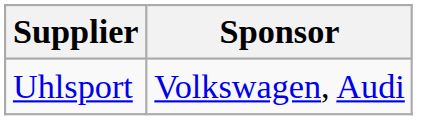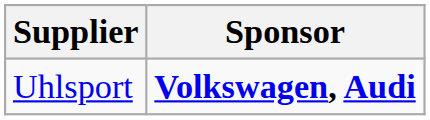 <table class="wikitable">
 <tr>
 <th>Supplier</th>
 <th>Sponsor</th>
 </tr>
 <tr>
 <td> <a href='#'>Uhlsport</a></td>
-<td> <a href='#'>Volkswagen</a>,  <a href='#'>Audi</a></td>
+<td><strong> <a href='#'>Volkswagen</a>,  <a href='#'>Audi</a></strong></td>
 </tr>
 </table>
